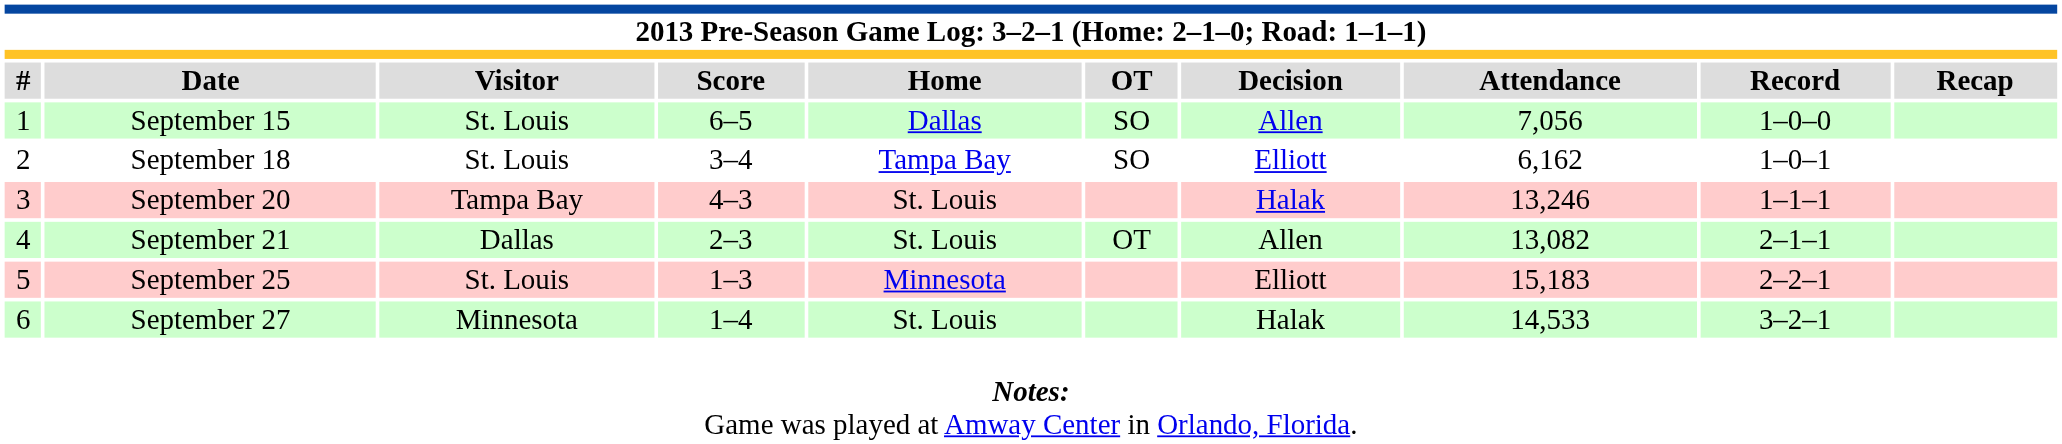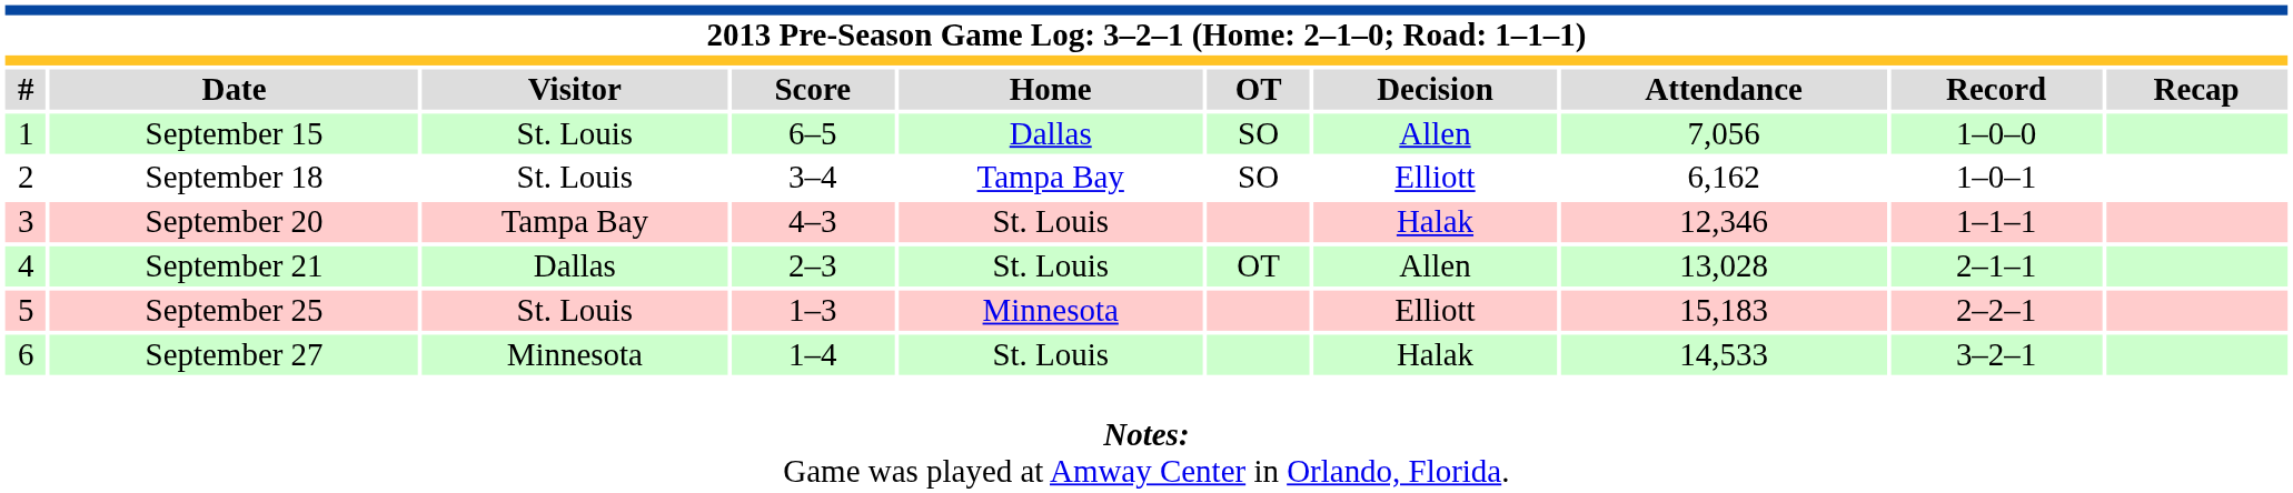 <table class="toccolours collapsible collapsed"  style="width:90%; clear:both; margin:1.5em auto; text-align:center;">
 <tr>
 <th colspan=10 style="background:#fff; border-top:#0546A0 5px solid; border-bottom:#FFC325 5px solid;">2013 Pre-Season Game Log: 3–2–1 (Home: 2–1–0; Road: 1–1–1)</th>
 </tr>
 <tr style="text-align:center; background:#ddd;">
 <th>#</th>
 <th>Date</th>
 <th>Visitor</th>
 <th>Score</th>
 <th>Home</th>
 <th>OT</th>
 <th>Decision</th>
 <th>Attendance</th>
 <th>Record</th>
 <th>Recap</th>
 </tr>
 <tr style="text-align:center; background:#ccffcc;">
 <td>1</td>
 <td>September 15</td>
 <td>St. Louis</td>
 <td>6–5</td>
 <td><a href='#'>Dallas</a></td>
 <td>SO</td>
 <td><a href='#'>Allen</a></td>
 <td>7,056</td>
 <td>1–0–0</td>
 <td></td>
 </tr>
 <tr style="text-align:center; background:#ffffff;">
 <td>2</td>
 <td>September 18</td>
 <td>St. Louis</td>
 <td>3–4</td>
 <td><a href='#'>Tampa Bay</a></td>
 <td>SO</td>
 <td><a href='#'>Elliott</a></td>
 <td>6,162</td>
 <td>1–0–1</td>
 <td></td>
 </tr>
 <tr style="text-align:center; background:#ffcccc;">
 <td>3</td>
 <td>September 20</td>
 <td>Tampa Bay</td>
 <td>4–3</td>
 <td>St. Louis</td>
 <td></td>
 <td><a href='#'>Halak</a></td>
-<td>13,246</td>
+<td>12,346</td>
 <td>1–1–1</td>
 <td></td>
 </tr>
 <tr style="text-align:center; background:#ccffcc;">
 <td>4</td>
 <td>September 21</td>
 <td>Dallas</td>
 <td>2–3</td>
 <td>St. Louis</td>
 <td>OT</td>
 <td>Allen</td>
-<td>13,082</td>
+<td>13,028</td>
 <td>2–1–1</td>
 <td></td>
 </tr>
 <tr style="text-align:center; background:#ffcccc">
 <td>5</td>
 <td>September 25</td>
 <td>St. Louis</td>
 <td>1–3</td>
 <td><a href='#'>Minnesota</a></td>
 <td></td>
 <td>Elliott</td>
 <td>15,183</td>
 <td>2–2–1</td>
 <td></td>
 </tr>
 <tr style="text-align:center; background:#ccffcc">
 <td>6</td>
 <td>September 27</td>
 <td>Minnesota</td>
 <td>1–4</td>
 <td>St. Louis</td>
 <td></td>
 <td>Halak</td>
 <td>14,533</td>
 <td>3–2–1</td>
 <td></td>
 </tr>
 <tr>
 <td colspan="10" style="text-align:center;"><br><strong><em>Notes:</em></strong><br> Game was played at <a href='#'>Amway Center</a> in <a href='#'>Orlando, Florida</a>.</td>
 </tr>
 </table>
